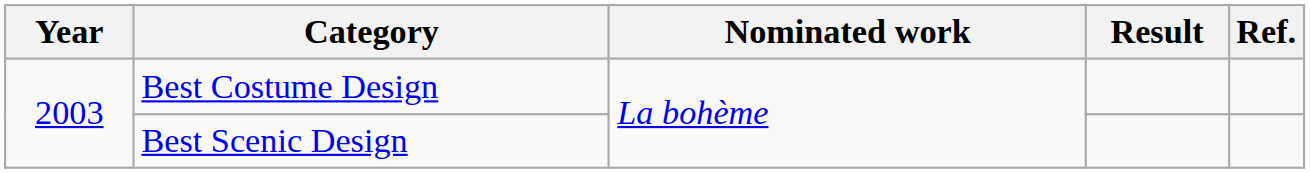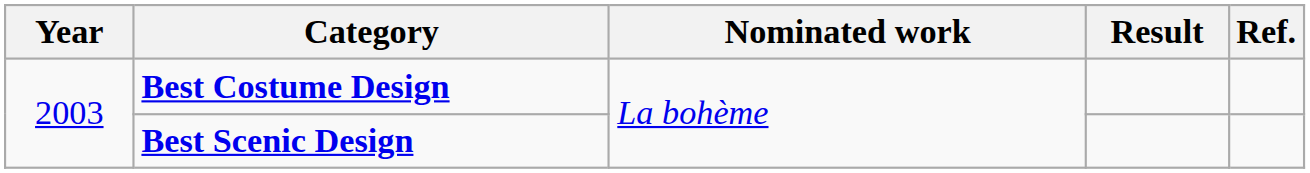 <table class=wikitable>
 <tr>
 <th scope="col" style="width:5em;">Year</th>
 <th scope="col" style="width:26em;">Category</th>
 <th scope="col" style="width:25em;">Nominated work</th>
 <th scope="col" style="width:5em;">Result</th>
 <th>Ref.</th>
 </tr>
 <tr>
 <td rowspan="2" style="text-align:center;"><a href='#'>2003</a></td>
-<td><a href='#'>Best Costume Design</a></td>
+<td><strong><a href='#'>Best Costume Design</a></strong></td>
 <td rowspan="2"><em><a href='#'>La bohème</a></em></td>
 <td></td>
 <td style="text-align: center;"></td>
 </tr>
 <tr>
-<td><a href='#'>Best Scenic Design</a></td>
+<td><strong><a href='#'>Best Scenic Design</a></strong></td>
 <td></td>
 <td style="text-align: center;"></td>
 </tr>
 </table>
